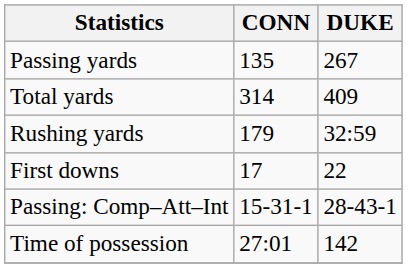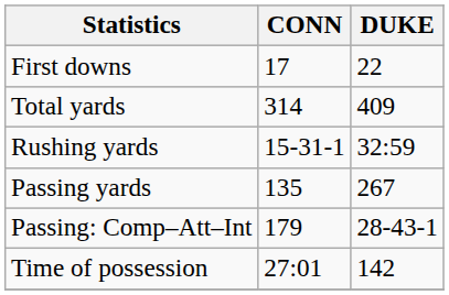 <table class="wikitable" style="float: left;">
 <tr>
 <th>Statistics</th>
 <th>CONN</th>
 <th>DUKE</th>
 </tr>
 <tr>
-<td>Passing yards</td>
-<td>135</td>
-<td>267</td>
+<td>First downs</td>
+<td>17</td>
+<td>22</td>
 </tr>
 <tr>
 <td>Total yards</td>
 <td>314</td>
 <td>409</td>
 </tr>
 <tr>
 <td>Rushing yards</td>
-<td>179</td>
+<td>15-31-1</td>
 <td>32:59</td>
 </tr>
 <tr>
-<td>First downs</td>
-<td>17</td>
-<td>22</td>
+<td>Passing yards</td>
+<td>135</td>
+<td>267</td>
 </tr>
 <tr>
 <td>Passing: Comp–Att–Int</td>
-<td>15-31-1</td>
+<td>179</td>
 <td>28-43-1</td>
 </tr>
 <tr>
 <td>Time of possession</td>
 <td>27:01</td>
 <td>142</td>
 </tr>
 <tr>
 </tr>
 </table>
